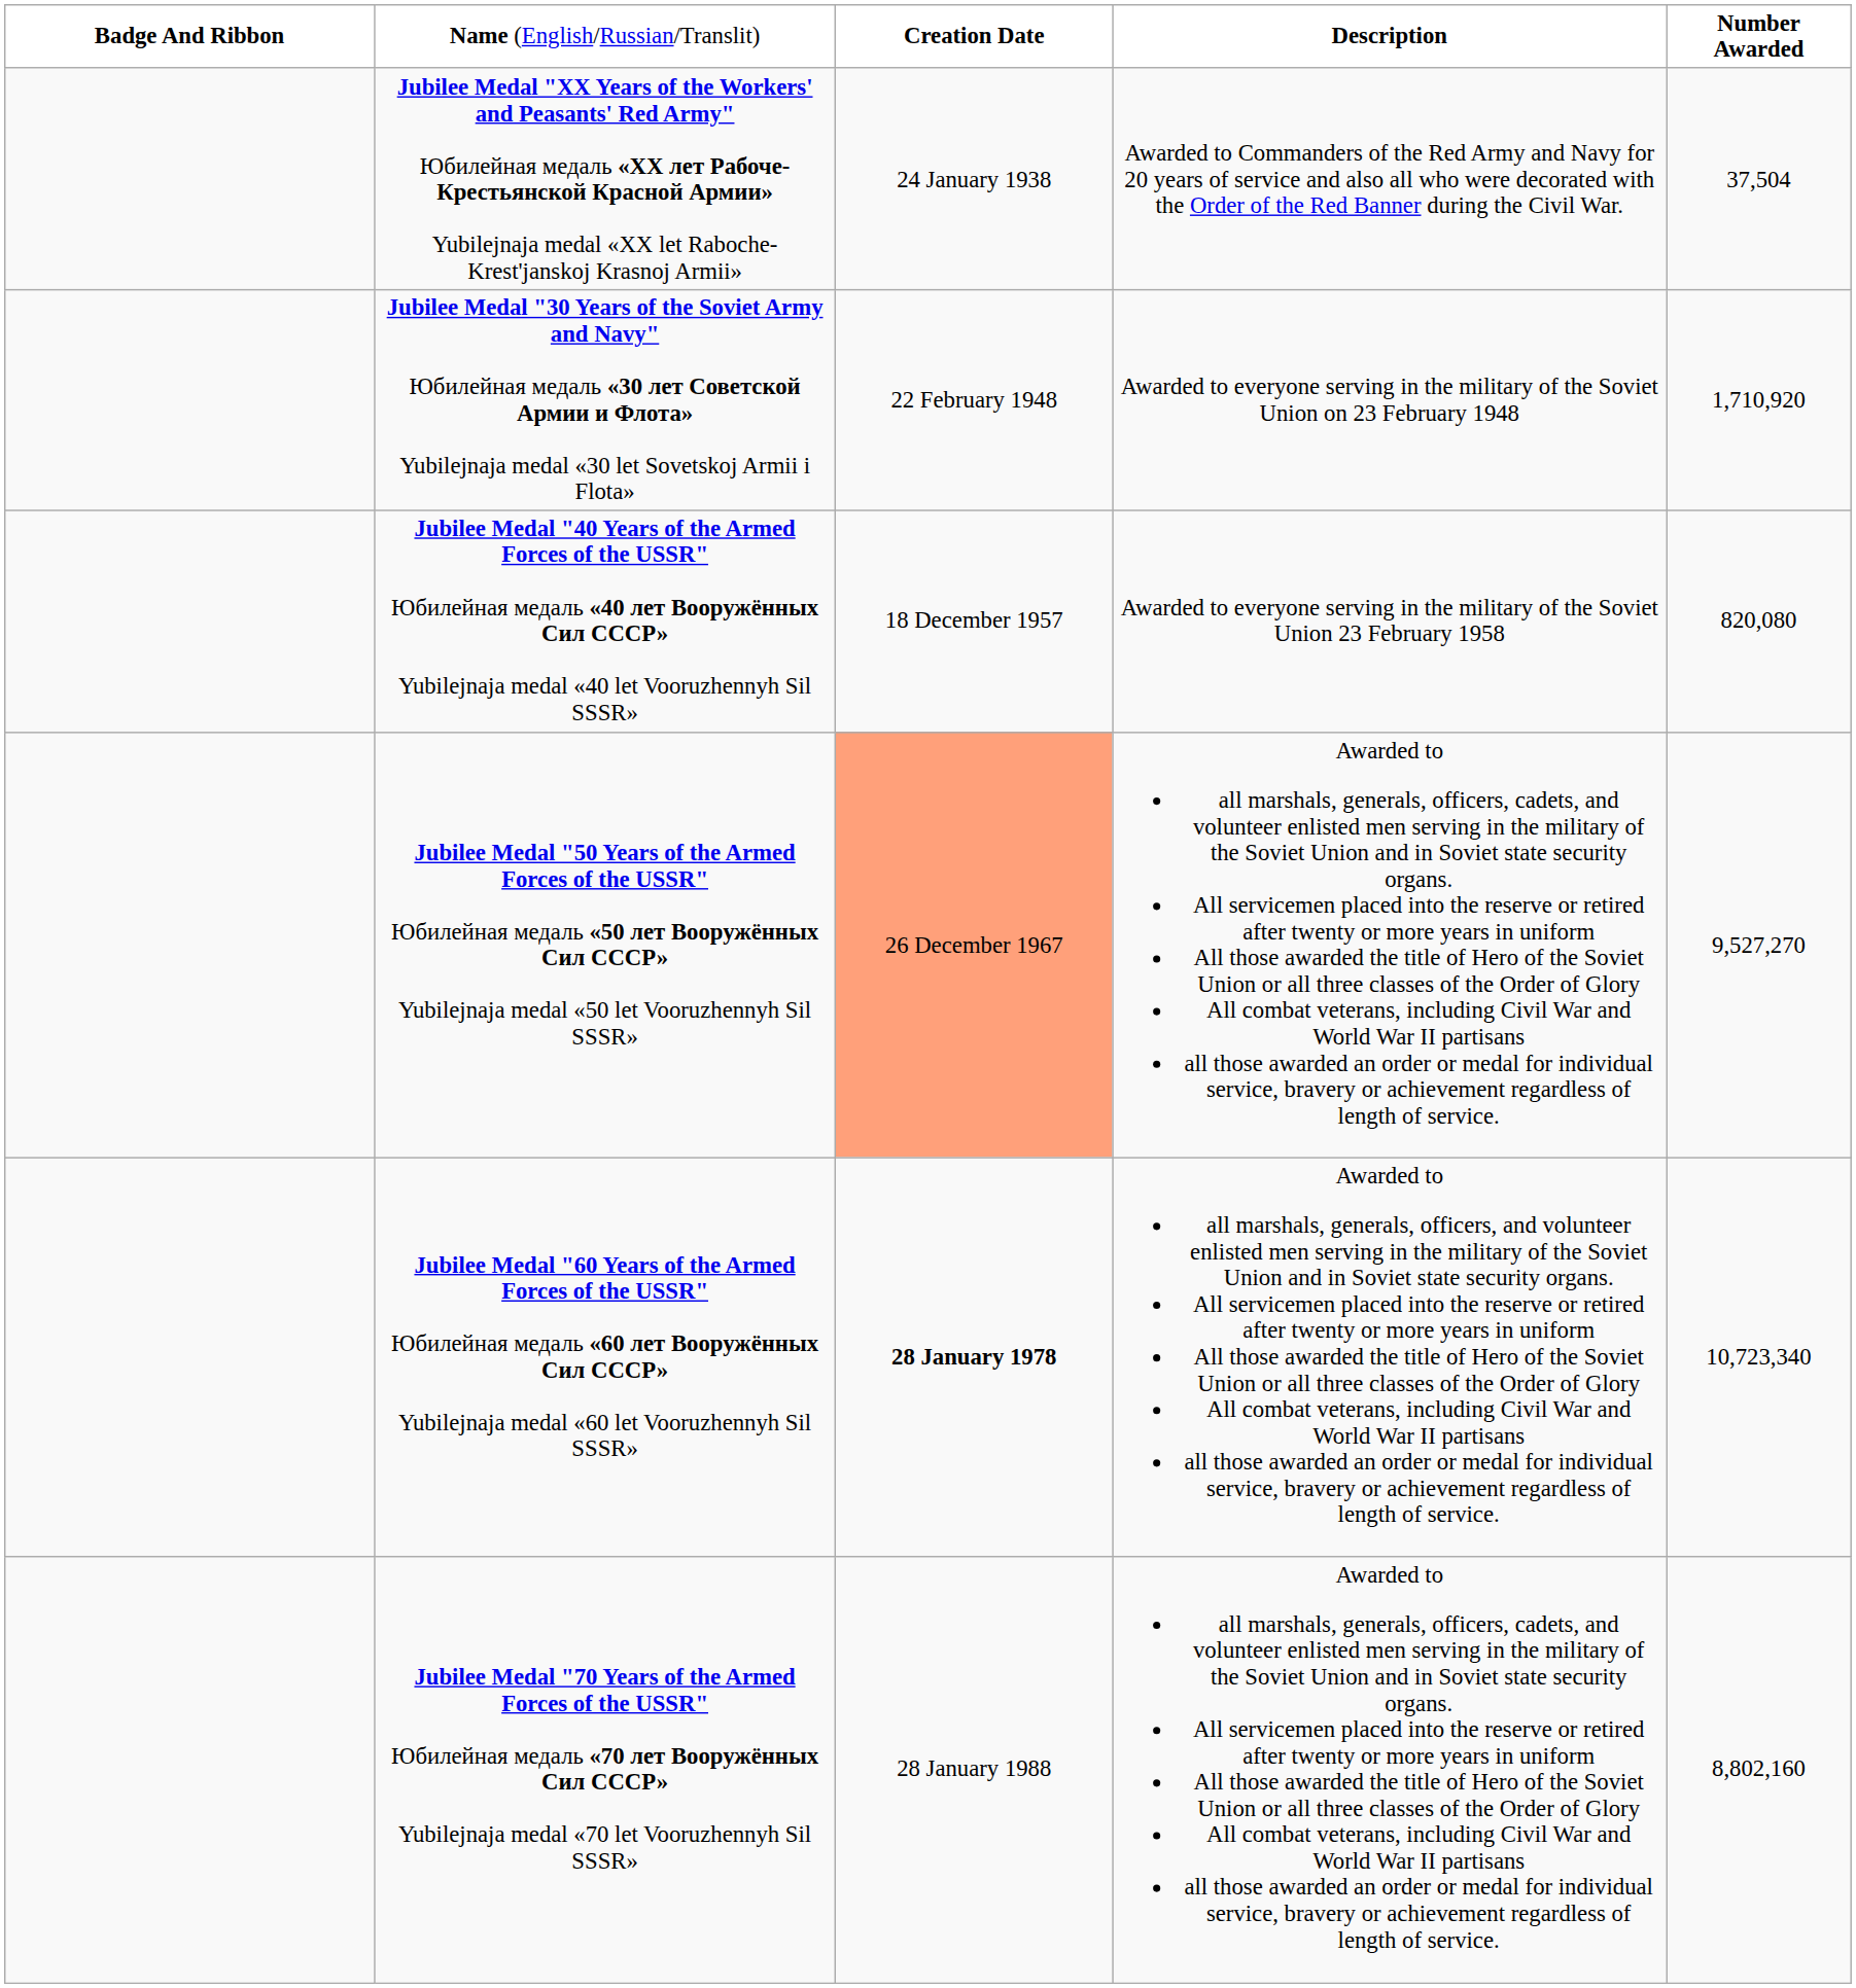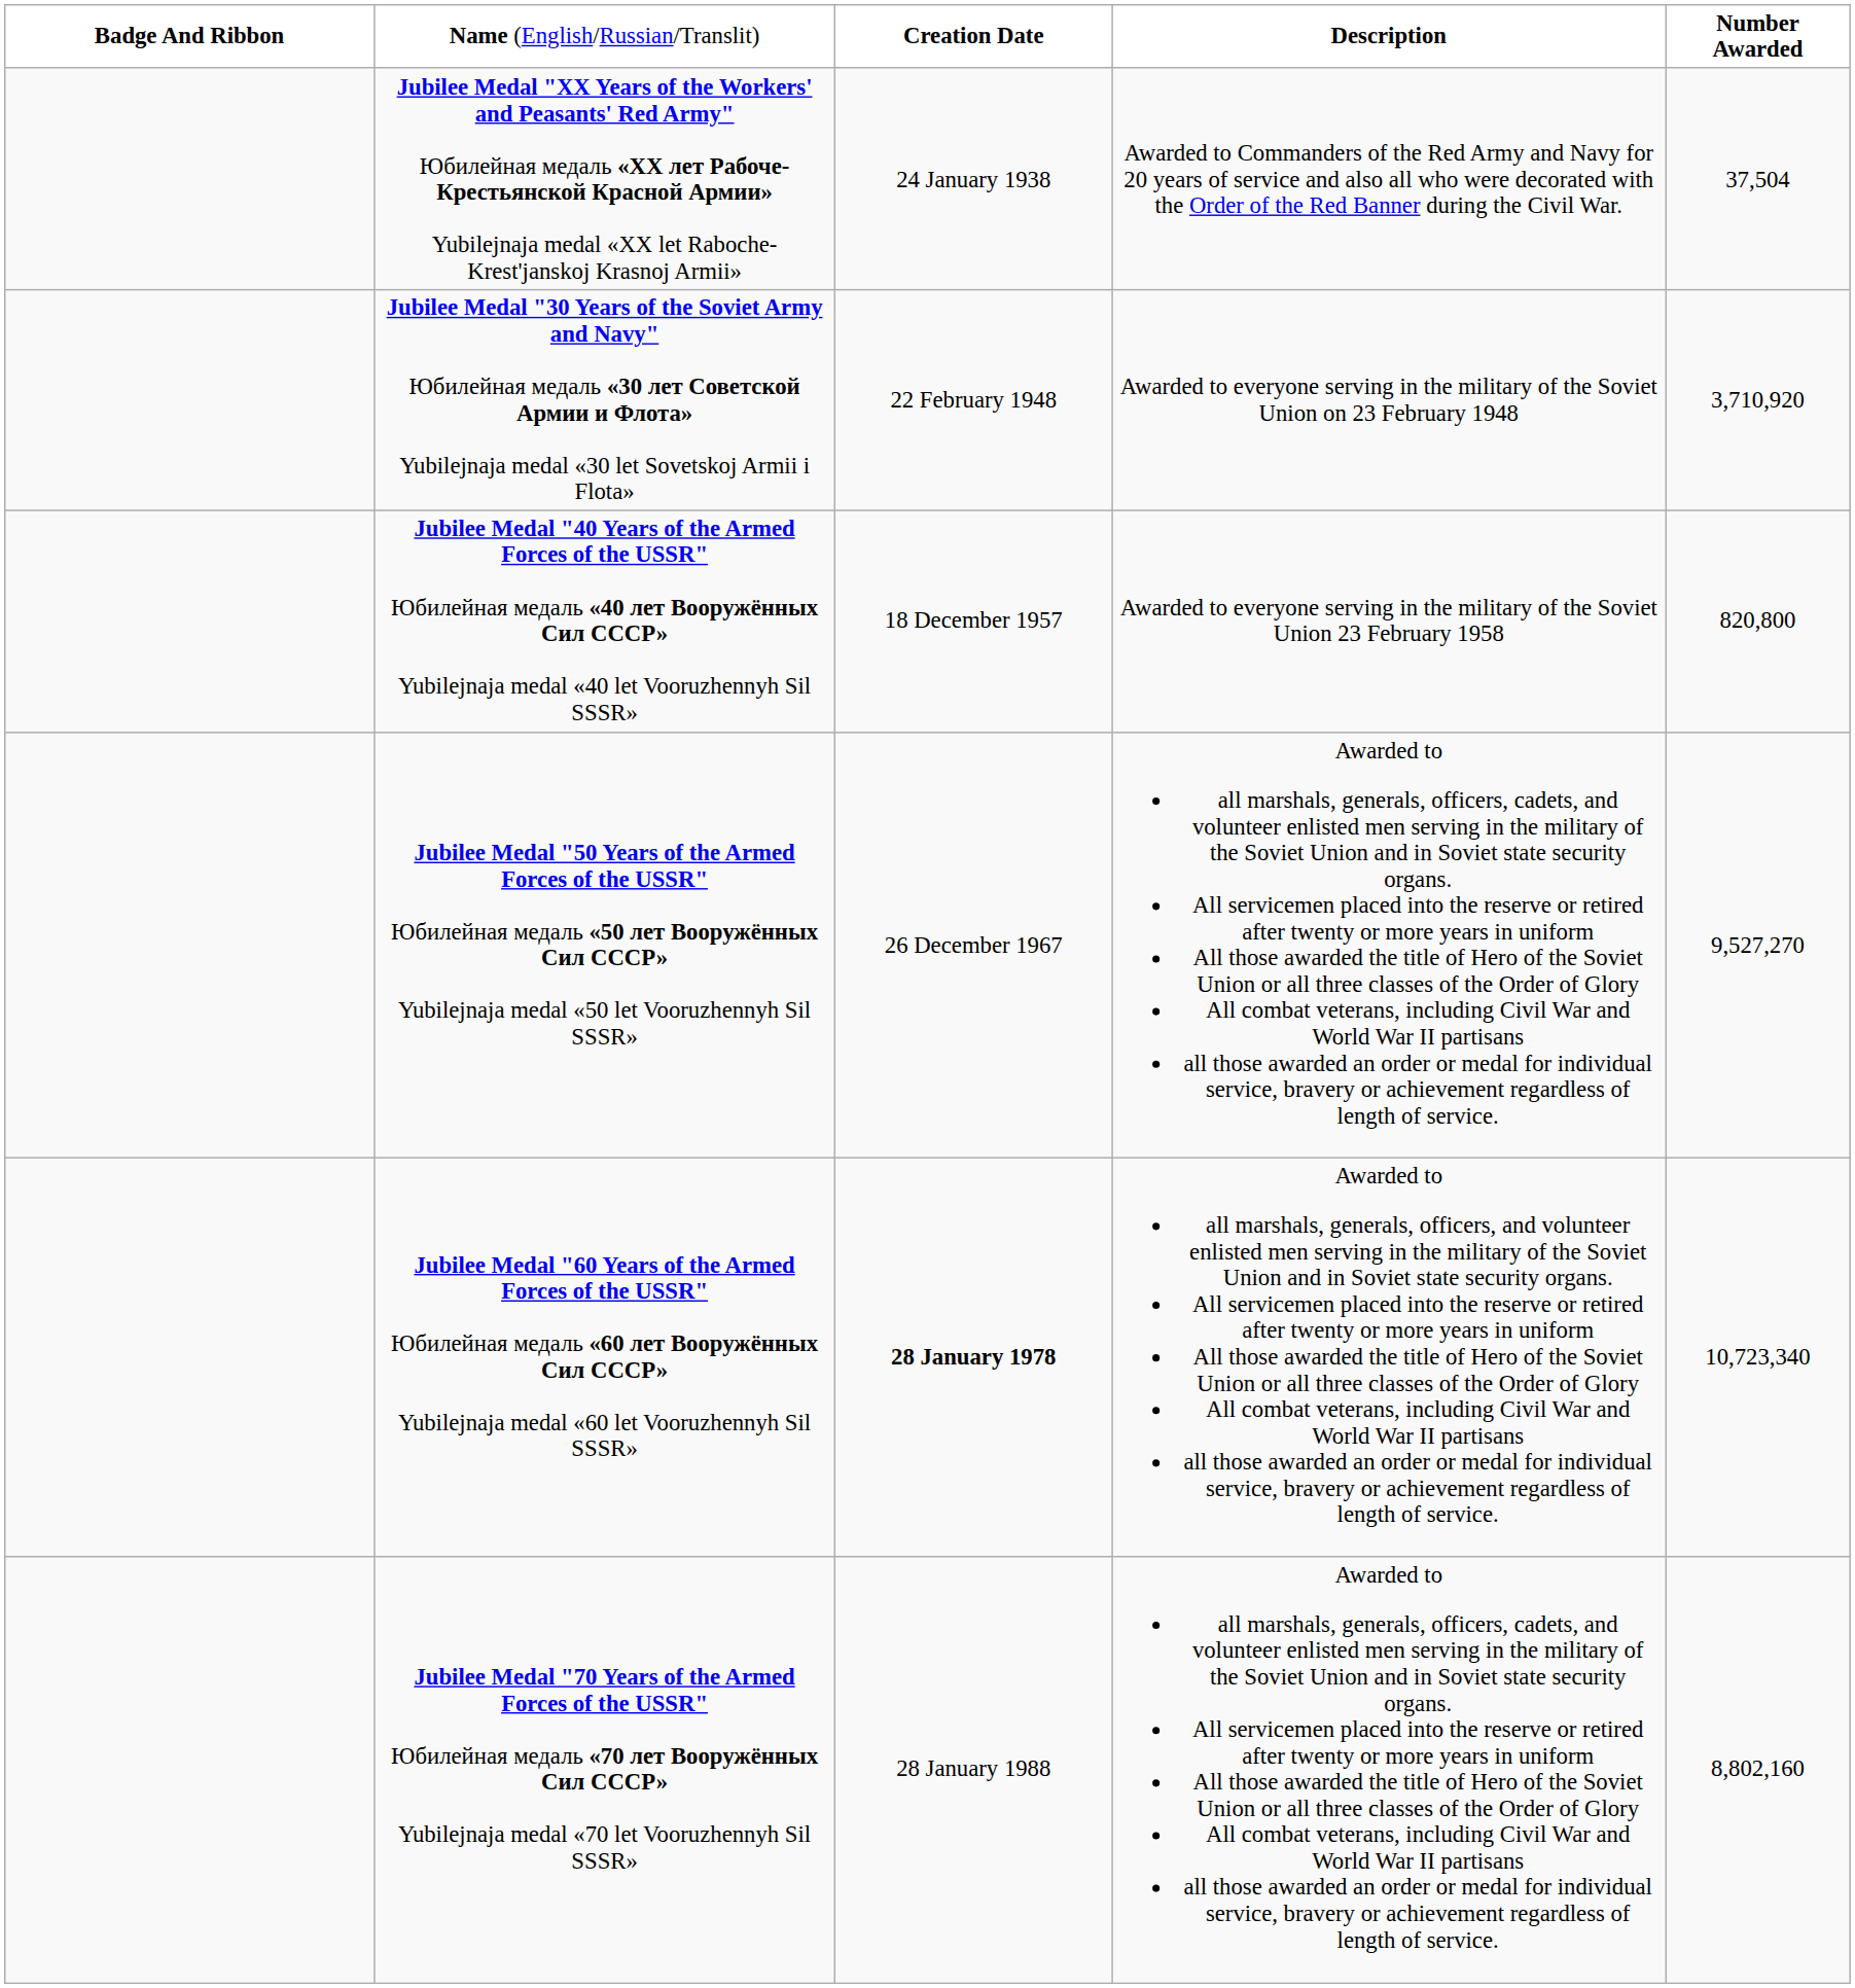 <table class="wikitable" width="100%" style="text-align:center;">
 <tr>
 <td width="20%" bgcolor="#FFFFFF"><strong>Badge And Ribbon</strong></td>
 <td width="25%" bgcolor="#FFFFFF"><strong>Name</strong> (<a href='#'>English</a>/<a href='#'>Russian</a>/Translit)</td>
 <td width="15%" bgcolor="#FFFFFF"><strong>Creation Date</strong></td>
 <td width="30%" bgcolor="#FFFFFF"><strong>Description</strong></td>
 <td width="10%" bgcolor="#FFFFFF"><strong>Number Awarded</strong></td>
 </tr>
 <tr>
 <td><br><br></td>
 <td><strong><a href='#'>Jubilee Medal "XX Years of the Workers' and Peasants' Red Army"</a></strong><br><br>Юбилейная медаль <strong>«XX лет Рабоче-Крестьянской Красной Армии»</strong><br><br>Yubilejnaja medal «XX let Raboche-Krest'janskoj Krasnoj Armii»</td>
 <td>24 January 1938</td>
 <td>Awarded to Commanders of the Red Army and Navy for 20 years of service and also all who were decorated with the <a href='#'>Order of the Red Banner</a> during the Civil War.</td>
 <td>37,504</td>
 </tr>
 <tr>
 <td><br></td>
 <td><strong><a href='#'>Jubilee Medal "30 Years of the Soviet Army and Navy"</a></strong><br><br>Юбилейная медаль <strong>«30 лет Советской Армии и Флота»</strong><br><br>Yubilejnaja medal «30 let Sovetskoj Armii i Flota»</td>
 <td>22 February 1948</td>
 <td>Awarded to everyone serving in the military of the Soviet Union on 23 February 1948</td>
-<td>1,710,920</td>
+<td>3,710,920</td>
 </tr>
 <tr>
 <td><br></td>
 <td><strong><a href='#'>Jubilee Medal "40 Years of the Armed Forces of the USSR"</a></strong><br><br>Юбилейная медаль <strong>«40 лет Вооружённых Сил СССР»</strong><br><br>Yubilejnaja medal «40 let Vooruzhennyh Sil SSSR»</td>
 <td>18 December 1957</td>
 <td>Awarded to everyone serving in the military of the Soviet Union 23 February 1958</td>
-<td>820,080</td>
+<td>820,800</td>
 </tr>
 <tr>
 <td><br></td>
 <td><strong><a href='#'>Jubilee Medal "50 Years of the Armed Forces of the USSR"</a></strong><br><br>Юбилейная медаль <strong>«50 лет Вооружённых Сил СССР»</strong><br><br>Yubilejnaja medal «50 let Vooruzhennyh Sil SSSR»</td>
-<td style="background: lightsalmon;">26 December 1967</td>
+<td>26 December 1967</td>
 <td>Awarded to<br><ul><li>all marshals, generals, officers, cadets, and volunteer enlisted men serving in the military of the Soviet Union and in Soviet state security organs.</li><li>All servicemen placed into the reserve or retired after twenty or more years in uniform</li><li>All those awarded the title of Hero of the Soviet Union or all three classes of the Order of Glory</li><li>All combat veterans, including Civil War and World War II partisans</li><li>all those awarded an order or medal for individual service, bravery or achievement regardless of length of service.</li></ul></td>
 <td>9,527,270</td>
 </tr>
 <tr>
 <td><br></td>
 <td><strong><a href='#'>Jubilee Medal "60 Years of the Armed Forces of the USSR"</a></strong><br><br>Юбилейная медаль <strong>«60 лет Вооружённых Сил СССР»</strong><br><br>Yubilejnaja medal «60 let Vooruzhennyh Sil SSSR»</td>
 <td><strong>28 January 1978</strong></td>
 <td>Awarded to<br><ul><li>all marshals, generals, officers, and volunteer enlisted men serving in the military of the Soviet Union and in Soviet state security organs.</li><li>All servicemen placed into the reserve or retired after twenty or more years in uniform</li><li>All those awarded the title of Hero of the Soviet Union or all three classes of the Order of Glory</li><li>All combat veterans, including Civil War and World War II partisans</li><li>all those awarded an order or medal for individual service, bravery or achievement regardless of length of service.</li></ul></td>
 <td>10,723,340</td>
 </tr>
 <tr>
 <td><br></td>
 <td><strong><a href='#'>Jubilee Medal "70 Years of the Armed Forces of the USSR"</a></strong><br><br>Юбилейная медаль <strong>«70 лет Вооружённых Сил СССР»</strong><br><br>Yubilejnaja medal «70 let Vooruzhennyh Sil SSSR»</td>
 <td>28 January 1988</td>
 <td>Awarded to<br><ul><li>all marshals, generals, officers, cadets, and volunteer enlisted men serving in the military of the Soviet Union and in Soviet state security organs.</li><li>All servicemen placed into the reserve or retired after twenty or more years in uniform</li><li>All those awarded the title of Hero of the Soviet Union or all three classes of the Order of Glory</li><li>All combat veterans, including Civil War and World War II partisans</li><li>all those awarded an order or medal for individual service, bravery or achievement regardless of length of service.</li></ul></td>
 <td>8,802,160</td>
 </tr>
 </table>
